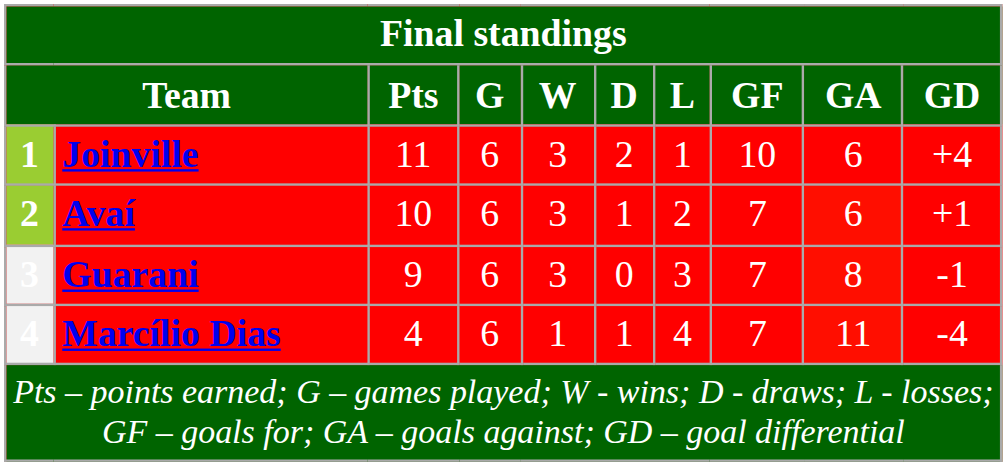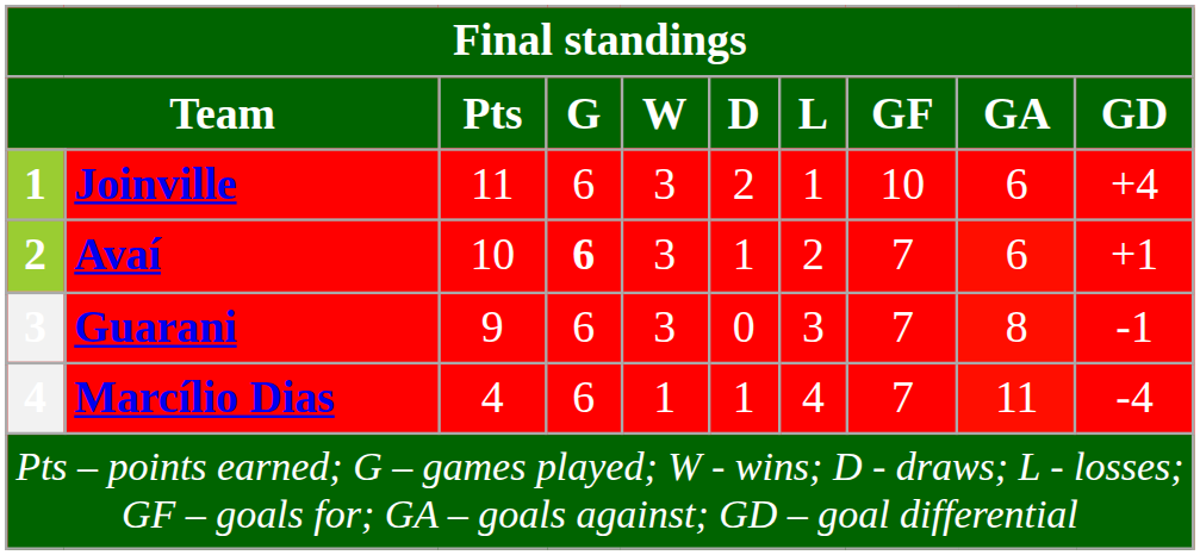 <table class="wikitable" style="text-align:center; color:white; background:#ff0000">
 <tr>
 <th style="background:#006400" colspan="10">Final standings</th>
 </tr>
 <tr>
 <th style="background:#006400" colspan="2">Team</th>
 <th style="background:#006400">Pts</th>
 <th style="background:#006400">G</th>
 <th style="background:#006400">W</th>
 <th style="background:#006400">D</th>
 <th style="background:#006400">L</th>
 <th style="background:#006400">GF</th>
 <th style="background:#006400">GA</th>
 <th style="background:#006400">GD</th>
 </tr>
 <tr>
 <th style="background:#9ACD32">1</th>
 <td align="left"><a href='#'><span><strong>Joinville</strong></span></a></td>
 <td bgcolor=#ff0000 align="center"><span>11</span></td>
 <td bgcolor=#ff0000 align="center"><span>6</span></td>
 <td bgcolor=#ff0000 align="center"><span>3</span></td>
 <td bgcolor=#ff0000 align="center"><span>2</span></td>
 <td bgcolor=#ff0000 align="center"><span>1</span></td>
 <td bgcolor=#ff0000 align="center"><span>10</span></td>
 <td bgcolor=#ff0000 align="center"><span>6</span></td>
 <td bgcolor=#ff0000 align="center"><span>+4</span></td>
 </tr>
 <tr>
 <th style="background:#9ACD32">2</th>
 <td align="left"><a href='#'><span><strong>Avaí</strong></span></a></td>
 <td bgcolor=#ff0000 align="center"><span>10</span></td>
-<td bgcolor=#ff0000 align="center"><span>6</span></td>
+<td bgcolor=#ff0000 align="center"><strong><span>6</span></strong></td>
 <td bgcolor=#ff0000 align="center"><span>3</span></td>
 <td bgcolor=#ff0000 align="center"><span>1</span></td>
 <td bgcolor=#ff0000 align="center"><span>2</span></td>
 <td bgcolor=#ff0000 align="center"><span>7</span></td>
 <td bgcolor=#ff0E00 align="center"><span>6</span></td>
 <td bgcolor=#ff0000 align="center"><span>+1</span></td>
 </tr>
 <tr>
 <th>3</th>
 <td align="left"><a href='#'><span> <strong>Guarani</strong></span></a></td>
 <td bgcolor=#ff0000 align="center"><span>9</span></td>
 <td bgcolor=#ff0000 align="center"><span>6</span></td>
 <td bgcolor=#ff0000 align="center"><span>3</span></td>
 <td bgcolor=#ff0000 align="center"><span>0</span></td>
 <td bgcolor=#ff0000 align="center"><span>3</span></td>
 <td bgcolor=#ff0000 align="center"><span>7</span></td>
 <td bgcolor=#ff0E00 align="center"><span>8</span></td>
 <td bgcolor=#ff0000 align="center"><span>-1</span></td>
 </tr>
 <tr>
 <th>4</th>
 <td align="left"><a href='#'><span><strong>Marcílio Dias</strong></span></a></td>
 <td bgcolor=#ff0000 align="center"><span>4</span></td>
 <td bgcolor=#ff0000 align="center"><span>6</span></td>
 <td bgcolor=#ff0000 align="center"><span>1</span></td>
 <td bgcolor=#ff0000 align="center"><span>1</span></td>
 <td bgcolor=#ff0000 align="center"><span>4</span></td>
 <td bgcolor=#ff0000 align="center"><span>7</span></td>
 <td bgcolor=#ff0E00 align="center"><span>11</span></td>
 <td bgcolor=#ff0000 align="center"><span>-4</span></td>
 </tr>
 <tr>
 <td colspan="10" style="background:#006400; font-size:90%; font-style:italic">Pts – points earned; G – games played; W - wins; D - draws; L - losses;<br>GF – goals for; GA – goals against; GD – goal differential</td>
 </tr>
 </table>
